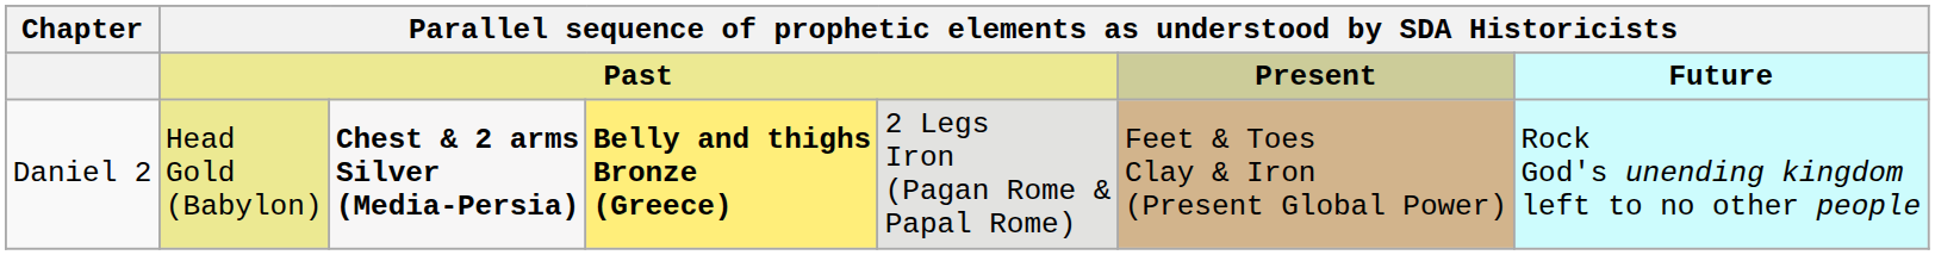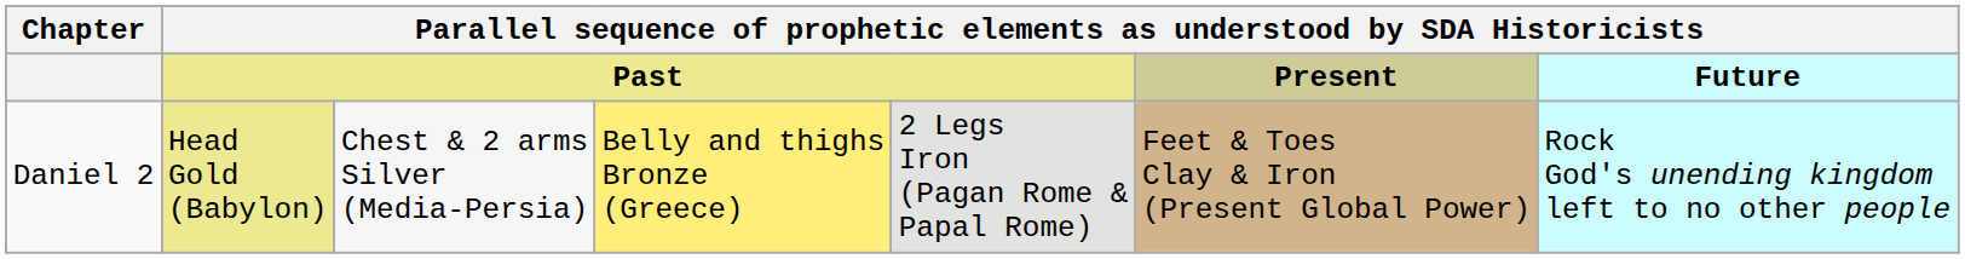 <table class="wikitable">
 <tr>
 <th>Chapter</th>
 <th colspan=6>Parallel sequence of prophetic elements as understood by SDA Historicists</th>
 </tr>
 <tr>
 <th></th>
 <th style="background: #ece992;" colspan=4>Past</th>
 <th style="background:#cc9;">Present</th>
 <th style="background: #cdfcfd;">Future</th>
 </tr>
 <tr>
 <td>Daniel 2</td>
 <td style="background: #ece992;">Head<br>Gold<br>(Babylon)</td>
-<td style="background: #f7f6f6;"><strong>Chest & 2 arms<br>Silver<br>(Media-Persia)</strong></td>
-<td style="background: #ffee7a;"><strong>Belly and thighs<br>Bronze<br>(Greece)</strong></td>
+<td style="background: #f7f6f6;">Chest & 2 arms<br>Silver<br>(Media-Persia)</td>
+<td style="background: #ffee7a;">Belly and thighs<br>Bronze<br>(Greece)</td>
 <td style="background: #e2e2e0;">2 Legs<br>Iron<br>(Pagan Rome &<br>Papal Rome)</td>
 <td style="background:tan;">Feet & Toes<br>Clay & Iron<br>(Present Global Power)</td>
 <td style="background: #cdfcfd;">Rock<br>God's <em>unending kingdom</em><br>left to no other <em>people</em></td>
 </tr>
 </table>
